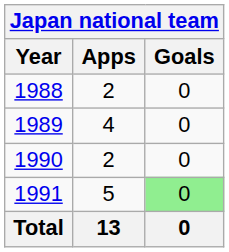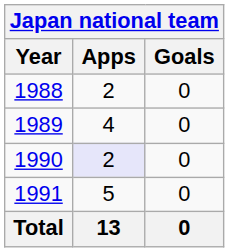 <table class="wikitable" style="text-align:center">
 <tr>
 <th colspan=3><a href='#'>Japan national team</a></th>
 </tr>
 <tr>
 <th>Year</th>
 <th>Apps</th>
 <th>Goals</th>
 </tr>
 <tr>
 <td><a href='#'>1988</a></td>
 <td>2</td>
 <td>0</td>
 </tr>
 <tr>
 <td><a href='#'>1989</a></td>
 <td>4</td>
 <td>0</td>
 </tr>
 <tr>
 <td><a href='#'>1990</a></td>
-<td>2</td>
+<td style="background: lavender;">2</td>
 <td>0</td>
 </tr>
 <tr>
 <td><a href='#'>1991</a></td>
 <td>5</td>
-<td style="background: lightgreen;">0</td>
+<td>0</td>
 </tr>
 <tr>
 <th>Total</th>
 <th>13</th>
 <th>0</th>
 </tr>
 </table>
